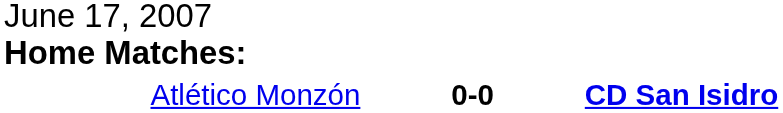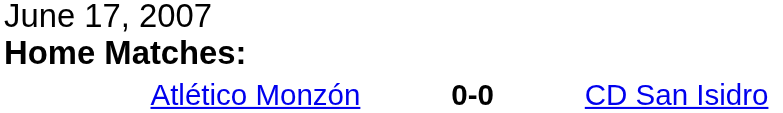 <table width=100% cellspacing=1>
 <tr>
 <th width=20%></th>
 <th width=12%></th>
 <th width=20%></th>
 <th></th>
 </tr>
 <tr>
 <td>June 17, 2007<br><strong>Home Matches:</strong></td>
 </tr>
 <tr style=font-size:90%>
 <td align=right><a href='#'>Atlético Monzón</a></td>
 <td align=center><strong>0-0</strong></td>
-<td><strong><a href='#'>CD San Isidro</a></strong></td>
+<td><a href='#'>CD San Isidro</a></td>
 </tr>
 </table>
